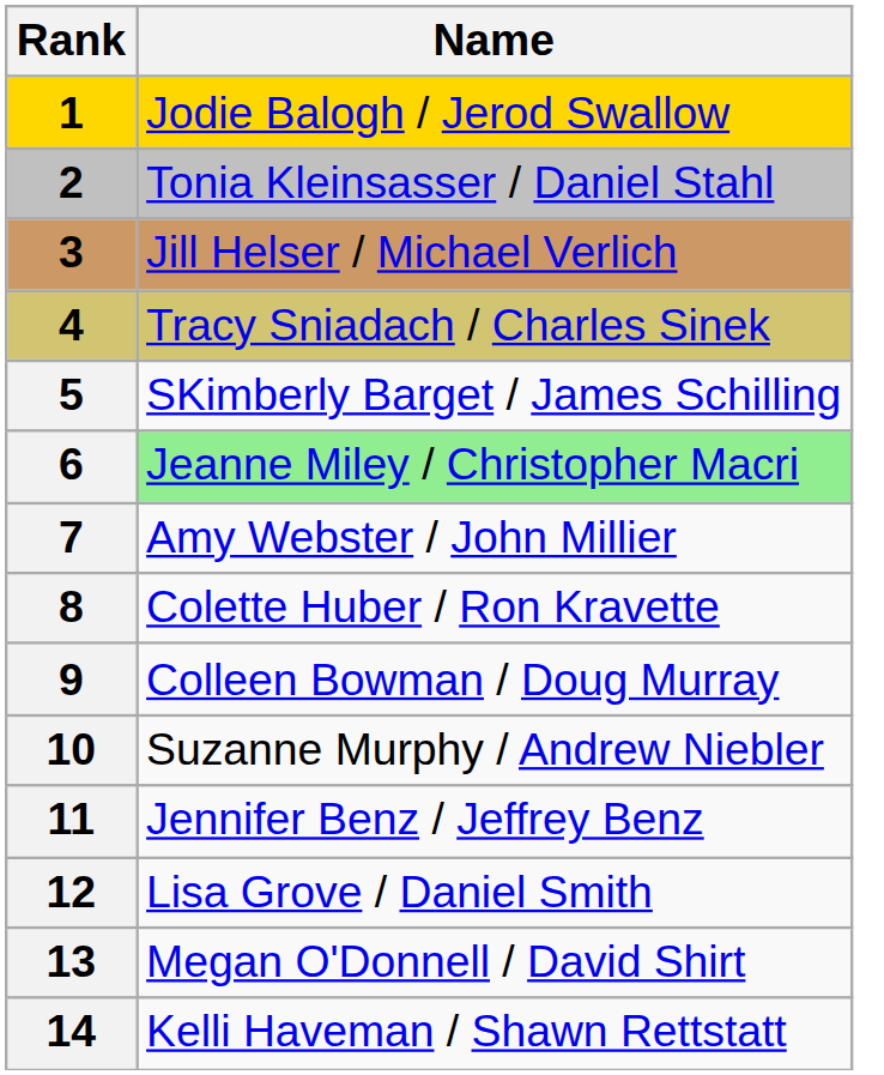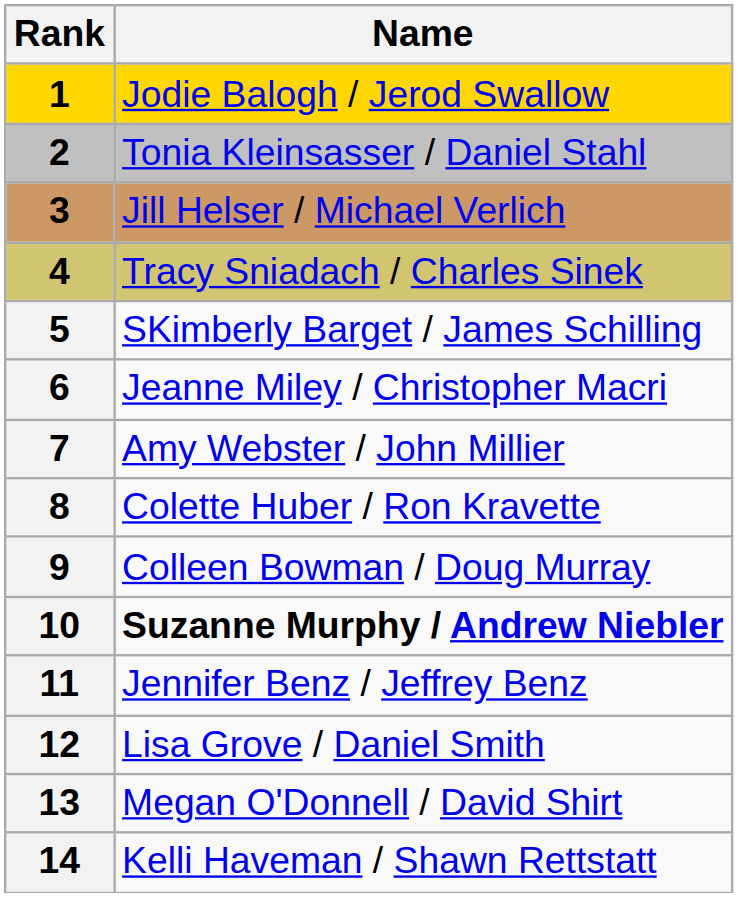 <table class="wikitable">
 <tr>
 <th>Rank</th>
 <th>Name</th>
 </tr>
 <tr bgcolor="gold">
 <td align="center"><strong>1</strong></td>
 <td><a href='#'>Jodie Balogh</a> / <a href='#'>Jerod Swallow</a></td>
 </tr>
 <tr bgcolor="silver">
 <td align="center"><strong>2</strong></td>
 <td><a href='#'>Tonia Kleinsasser</a> / <a href='#'>Daniel Stahl</a></td>
 </tr>
 <tr bgcolor="cc9966">
 <td align="center"><strong>3</strong></td>
 <td><a href='#'>Jill Helser</a> / <a href='#'>Michael Verlich</a></td>
 </tr>
 <tr bgcolor="#d1c571">
 <td align="center"><strong>4</strong></td>
 <td><a href='#'>Tracy Sniadach</a> / <a href='#'>Charles Sinek</a></td>
 </tr>
 <tr>
 <th>5</th>
 <td><a href='#'>SKimberly Barget</a> / <a href='#'>James Schilling</a></td>
 </tr>
 <tr>
 <th>6</th>
-<td style="background: lightgreen;"><a href='#'>Jeanne Miley</a> / <a href='#'>Christopher Macri</a></td>
+<td><a href='#'>Jeanne Miley</a> / <a href='#'>Christopher Macri</a></td>
 </tr>
 <tr>
 <th>7</th>
 <td><a href='#'>Amy Webster</a> / <a href='#'>John Millier</a></td>
 </tr>
 <tr>
 <th>8</th>
 <td><a href='#'>Colette Huber</a> / <a href='#'>Ron Kravette</a></td>
 </tr>
 <tr>
 <th>9</th>
 <td><a href='#'>Colleen Bowman</a> / <a href='#'>Doug Murray</a></td>
 </tr>
 <tr>
 <th>10</th>
-<td>Suzanne Murphy / <a href='#'>Andrew Niebler</a></td>
+<td><strong>Suzanne Murphy / <a href='#'>Andrew Niebler</a></strong></td>
 </tr>
 <tr>
 <th>11</th>
 <td><a href='#'>Jennifer Benz</a> / <a href='#'>Jeffrey Benz</a></td>
 </tr>
 <tr>
 <th>12</th>
 <td><a href='#'>Lisa Grove</a> / <a href='#'>Daniel Smith</a></td>
 </tr>
 <tr>
 <th>13</th>
 <td><a href='#'>Megan O'Donnell</a> / <a href='#'>David Shirt</a></td>
 </tr>
 <tr>
 <th>14</th>
 <td><a href='#'>Kelli Haveman</a> / <a href='#'>Shawn Rettstatt</a></td>
 </tr>
 </table>
